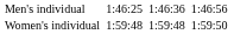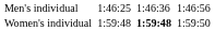 <table>
 <tr>
 <td>Men's individual<br></td>
 <td></td>
 <td>1:46:25</td>
 <td></td>
 <td>1:46:36</td>
 <td></td>
 <td>1:46:56</td>
 </tr>
 <tr>
 <td>Women's individual<br></td>
 <td></td>
 <td>1:59:48</td>
 <td></td>
-<td>1:59:48</td>
+<td><strong>1:59:48</strong></td>
 <td></td>
 <td>1:59:50</td>
 </tr>
 </table>
